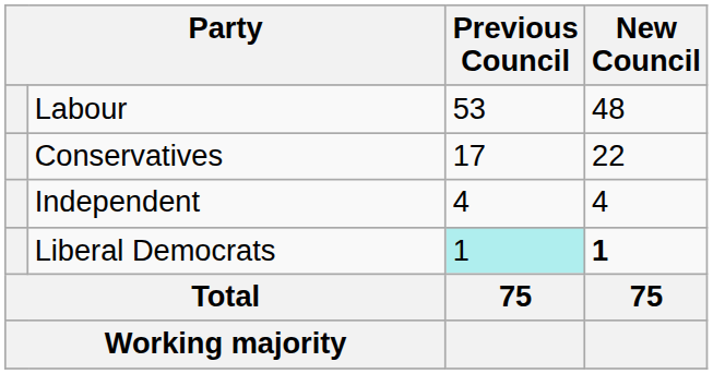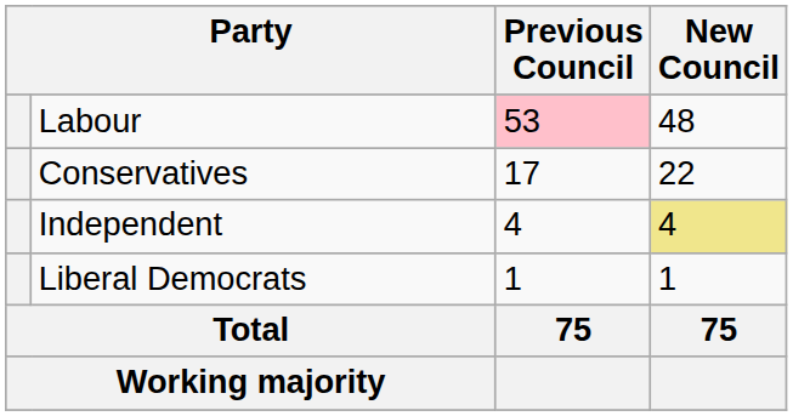 <table class="wikitable">
 <tr>
 <th colspan="2" style="width: 230px" valign="top">Party</th>
 <th style="width: 30px" valign="top">Previous Council</th>
 <th style="width: 30px" valign="top">New Council</th>
 </tr>
 <tr>
 <th style="background-color: "></th>
 <td>Labour</td>
-<td>53</td>
+<td style="background: pink;">53</td>
 <td>48</td>
 </tr>
 <tr>
 <th style="background-color: "></th>
 <td>Conservatives</td>
 <td>17</td>
 <td>22</td>
 </tr>
 <tr>
 <th style="background-color: "></th>
 <td>Independent</td>
 <td>4</td>
-<td>4</td>
+<td style="background: khaki;">4</td>
 </tr>
 <tr>
 <th style="background-color: "></th>
 <td>Liberal Democrats</td>
-<td style="background: paleturquoise;">1</td>
-<td><strong>1</strong></td>
+<td>1</td>
+<td>1</td>
 </tr>
 <tr>
 <th colspan="2">Total</th>
 <th style="text-align: center">75</th>
 <th>75</th>
 </tr>
 <tr>
 <th colspan="2">Working majority</th>
 <th></th>
 <th></th>
 </tr>
 </table>
